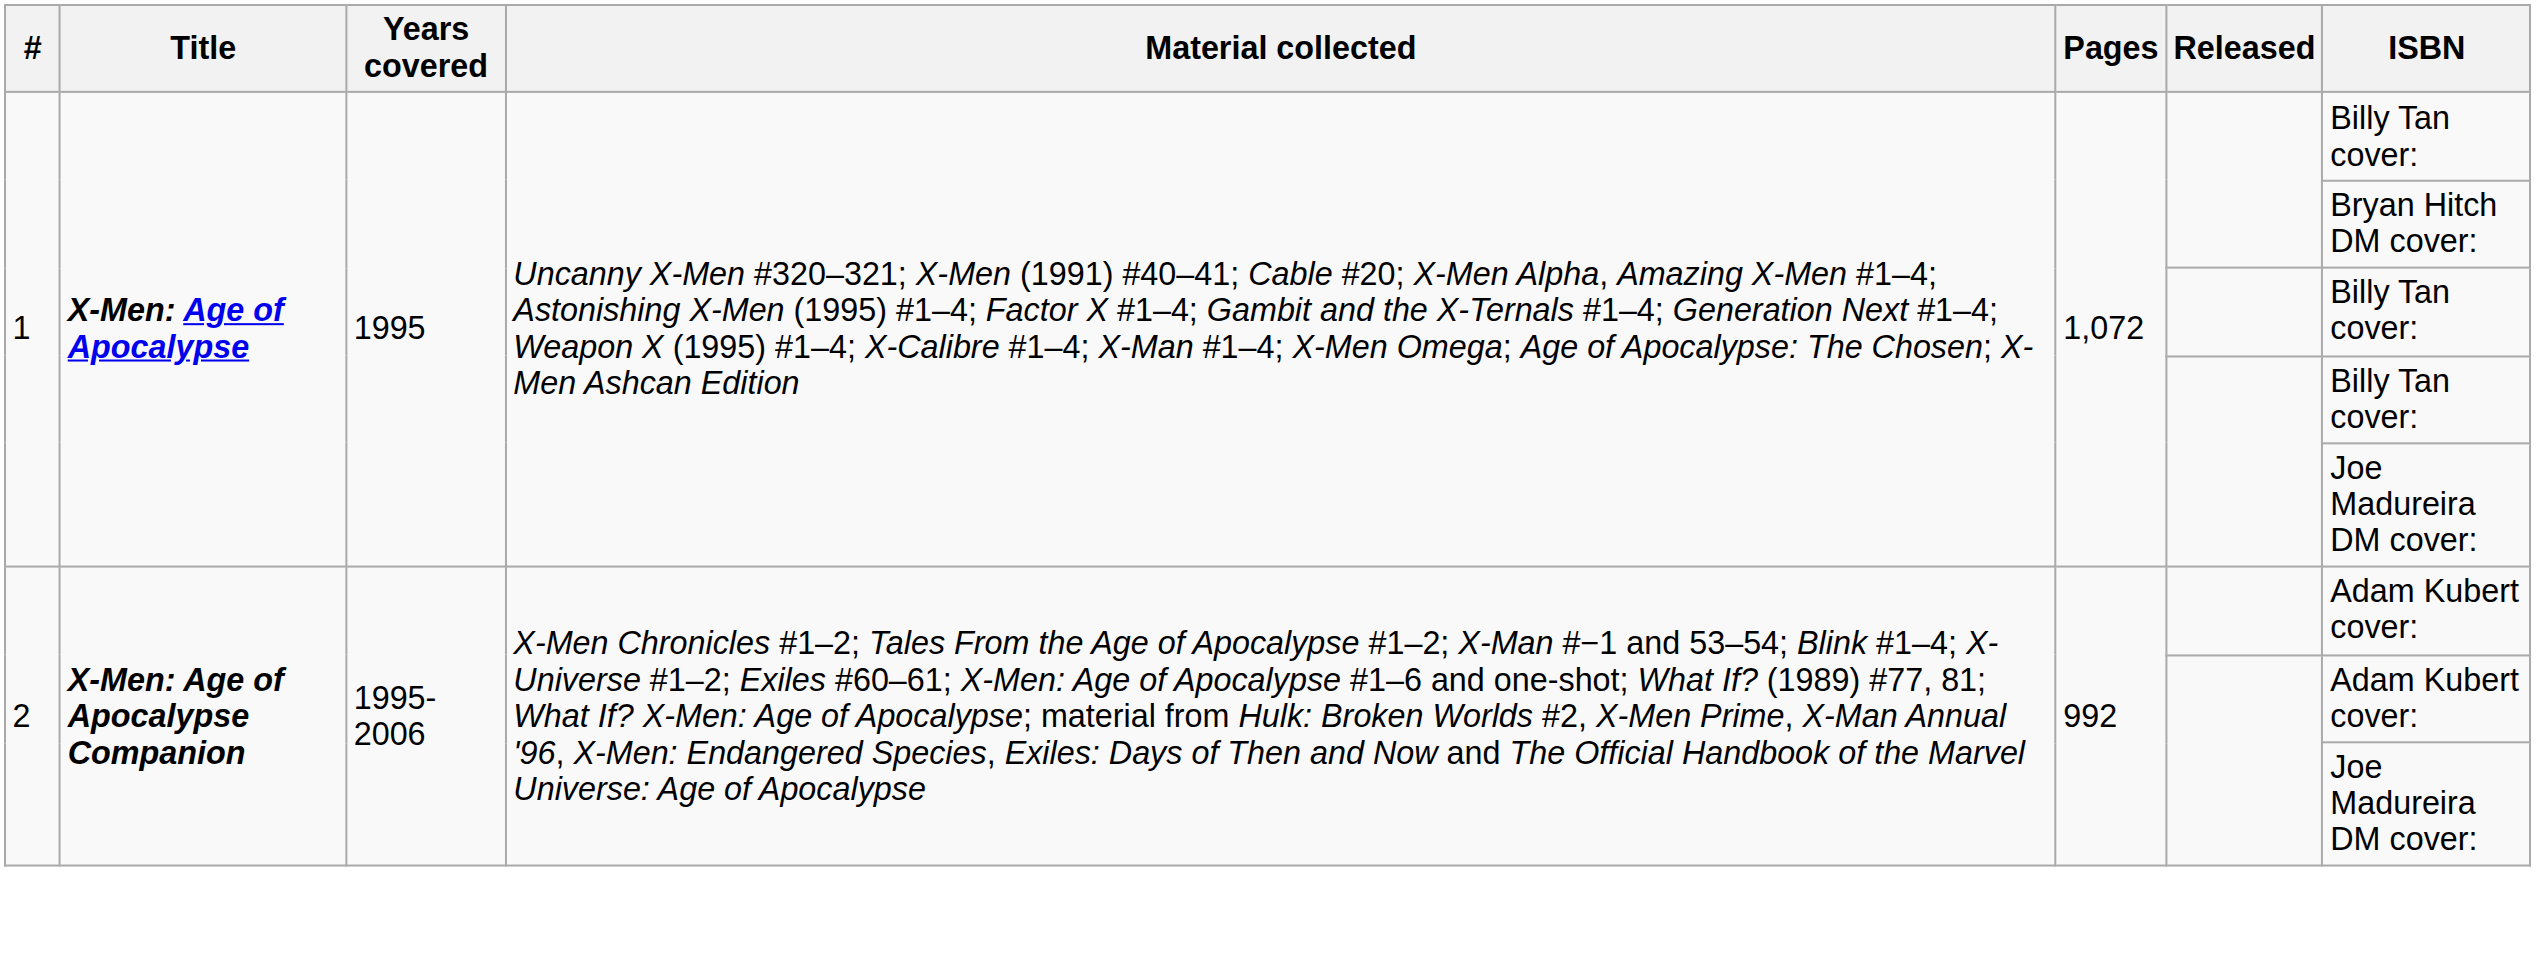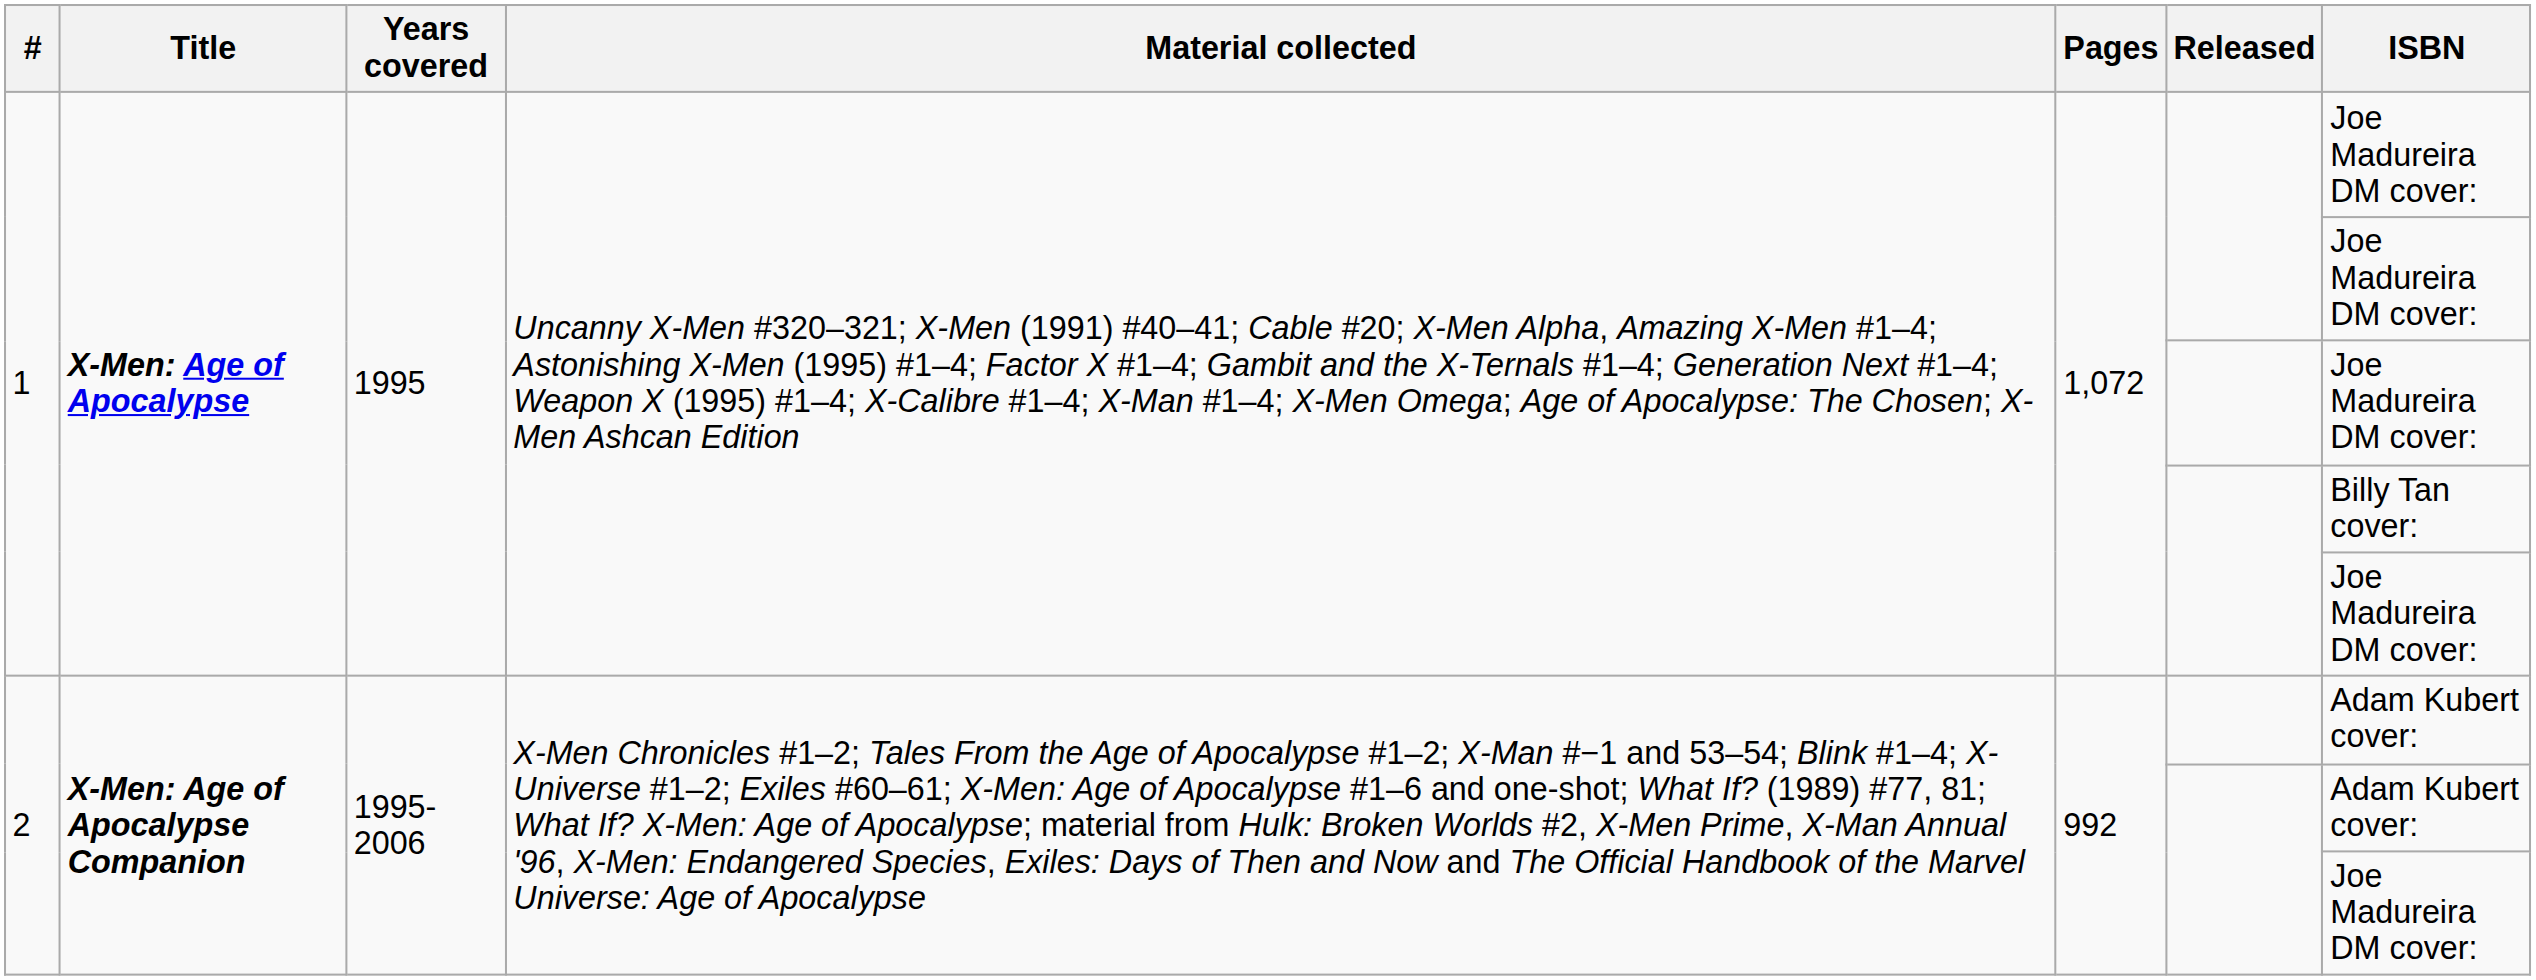 <table class="wikitable sortable" width="99%">
 <tr>
 <th class="unsortable" width="20px">#</th>
 <th>Title</th>
 <th>Years covered</th>
 <th class="unsortable">Material collected</th>
 <th>Pages</th>
 <th>Released</th>
 <th class="unsortable">ISBN</th>
 </tr>
 <tr>
 <td rowspan="5">1</td>
 <td rowspan="5"><strong><em>X-Men: <a href='#'>Age of Apocalypse</a></em></strong></td>
 <td rowspan="5">1995</td>
 <td rowspan="5"><em>Uncanny X-Men</em> #320–321; <em>X-Men</em> (1991) #40–41; <em>Cable</em> #20; <em>X-Men Alpha</em>, <em>Amazing X-Men</em> #1–4; <em>Astonishing X-Men</em> (1995) #1–4; <em>Factor X</em> #1–4; <em>Gambit and the X-Ternals</em> #1–4; <em>Generation Next</em> #1–4; <em>Weapon X</em> (1995) #1–4; <em>X-Calibre</em> #1–4; <em>X-Man</em> #1–4; <em>X-Men Omega</em>; <em>Age of Apocalypse: The Chosen</em>; <em>X-Men Ashcan Edition</em></td>
 <td rowspan="5">1,072</td>
 <td rowspan="2"></td>
-<td>Billy Tan cover: </td>
+<td>Joe Madureira DM cover: </td>
 </tr>
 <tr>
-<td>Bryan Hitch DM cover: </td>
+<td>Joe Madureira DM cover: </td>
 </tr>
 <tr>
 <td></td>
-<td>Billy Tan cover: </td>
+<td>Joe Madureira DM cover: </td>
 </tr>
 <tr>
 <td rowspan="2"></td>
 <td>Billy Tan cover: </td>
 </tr>
 <tr>
 <td>Joe Madureira DM cover: </td>
 </tr>
 <tr>
 <td rowspan="3">2</td>
 <td rowspan="3"><strong><em>X-Men: Age of Apocalypse Companion</em></strong></td>
 <td rowspan="3">1995-2006</td>
 <td rowspan="3"><em>X-Men Chronicles</em> #1–2; <em>Tales From the Age of Apocalypse</em> #1–2; <em>X-Man</em> #−1 and 53–54; <em>Blink</em> #1–4; <em>X-Universe</em> #1–2; <em>Exiles</em> #60–61; <em>X-Men: Age of Apocalypse</em> #1–6 and one-shot; <em>What If?</em> (1989) #77, 81; <em>What If? X-Men: Age of Apocalypse</em>; material from <em>Hulk: Broken Worlds</em> #2, <em>X-Men Prime</em>, <em>X-Man Annual '96</em>, <em>X-Men: Endangered Species</em>, <em>Exiles: Days of Then and Now</em> and <em>The Official Handbook of the Marvel Universe: Age of Apocalypse</em></td>
 <td rowspan="3">992</td>
 <td></td>
 <td>Adam Kubert cover: </td>
 </tr>
 <tr>
 <td rowspan="2"></td>
 <td>Adam Kubert cover: </td>
 </tr>
 <tr>
 <td>Joe Madureira DM cover: </td>
 </tr>
 </table>
